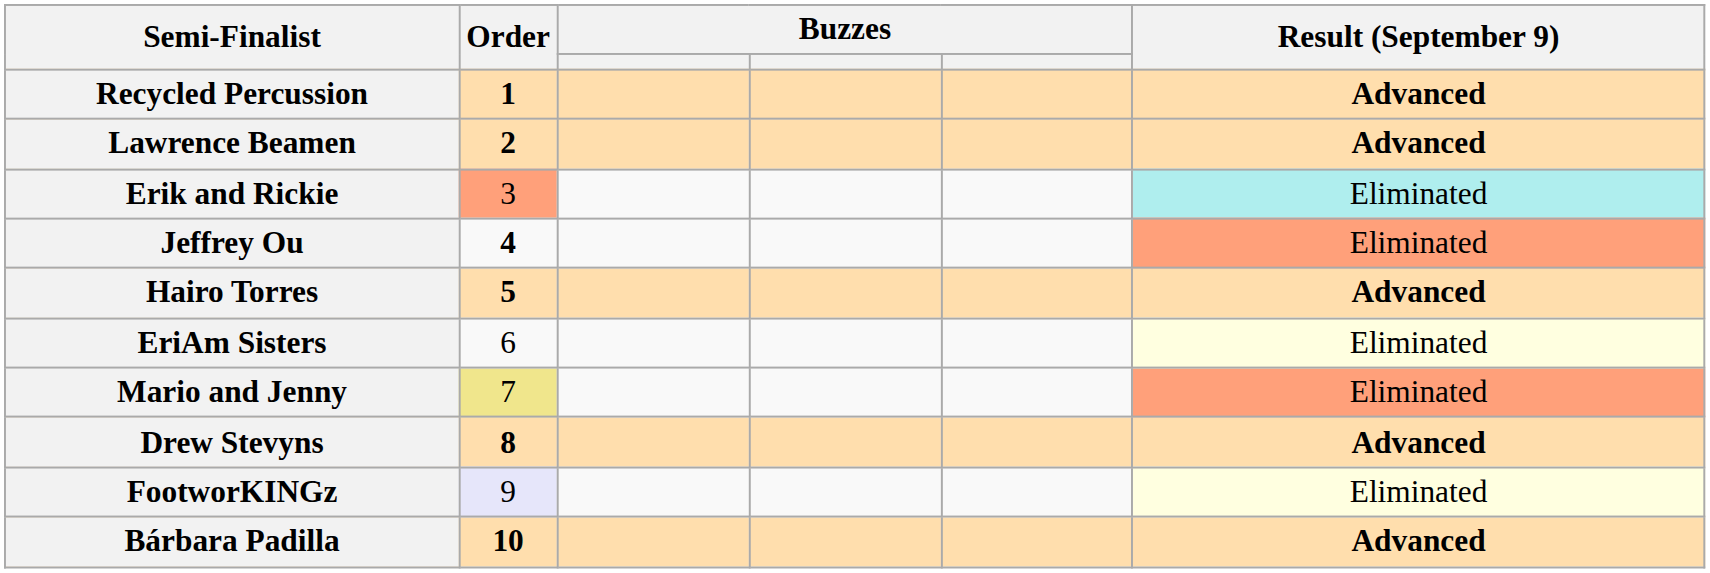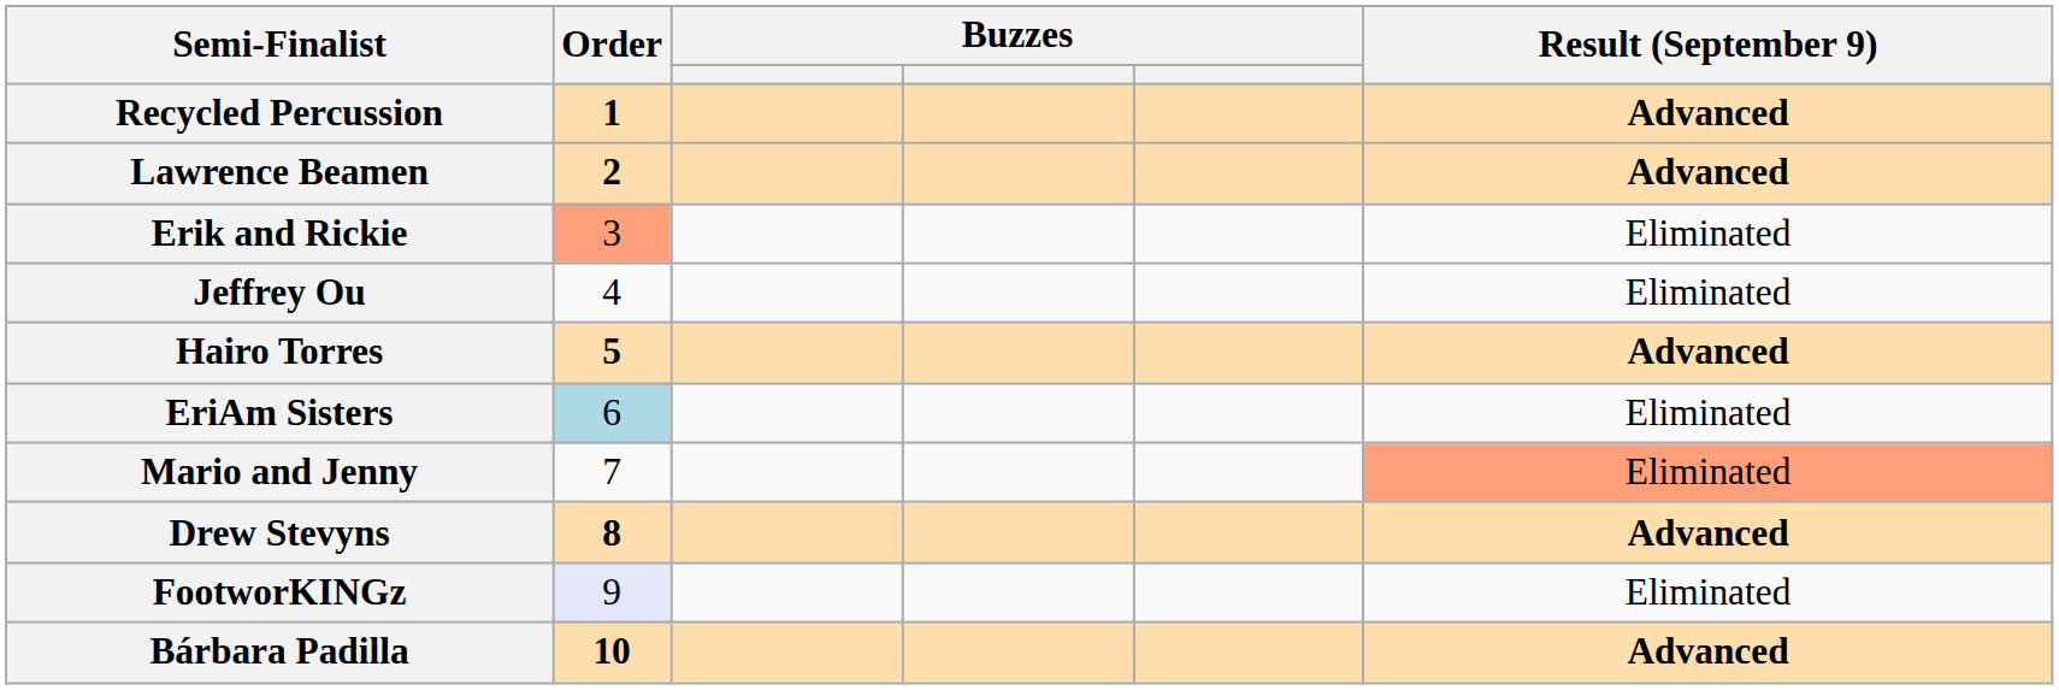 <table class="wikitable plainrowheaders sortable" style="text-align:center;">
 <tr>
 <th scope="col" rowspan="2" class="unsortable" style="width:17em;">Semi-Finalist</th>
 <th scope="col" rowspan="2" style="width:1em;">Order</th>
 <th scope="col" colspan="3" class="unsortable" style="width:24em;">Buzzes</th>
 <th scope="col" rowspan="2" style="width:23em;">Result (September 9)</th>
 </tr>
 <tr>
 <th scope="col" class="unsortable" style="width:6em;"></th>
 <th scope="col" class="unsortable" style="width:6em;"></th>
 <th scope="col" class="unsortable" style="width:6em;"></th>
 </tr>
 <tr style="background:NavajoWhite;">
 <th scope="row"><strong>Recycled Percussion</strong></th>
 <td><strong>1</strong></td>
 <td style="text-align:center;"></td>
 <td style="text-align:center;"></td>
 <td style="text-align:center;"></td>
 <td><strong>Advanced</strong></td>
 </tr>
 <tr style="background:NavajoWhite;">
 <th scope="row"><strong>Lawrence Beamen</strong></th>
 <td><strong>2</strong></td>
 <td style="text-align:center;"></td>
 <td style="text-align:center;"></td>
 <td style="text-align:center;"></td>
 <td><strong>Advanced</strong></td>
 </tr>
 <tr>
 <th scope="row">Erik and Rickie</th>
 <td style="background: lightsalmon;">3</td>
 <td style="text-align:center;"></td>
 <td style="text-align:center;"></td>
 <td style="text-align:center;"></td>
-<td style="background: paleturquoise;">Eliminated</td>
+<td>Eliminated</td>
 </tr>
 <tr>
 <th scope="row">Jeffrey Ou</th>
-<td><strong>4</strong></td>
+<td>4</td>
 <td style="text-align:center;"></td>
 <td style="text-align:center;"></td>
 <td style="text-align:center;"></td>
-<td style="background: lightsalmon;">Eliminated</td>
+<td>Eliminated</td>
 </tr>
 <tr style="background:NavajoWhite;">
 <th scope="row"><strong>Hairo Torres</strong></th>
 <td><strong>5</strong></td>
 <td style="text-align:center;"></td>
 <td style="text-align:center;"></td>
 <td style="text-align:center;"></td>
 <td><strong>Advanced</strong></td>
 </tr>
 <tr>
 <th scope="row">EriAm Sisters</th>
-<td>6</td>
+<td style="background: lightblue;">6</td>
 <td style="text-align:center;"></td>
 <td style="text-align:center;"></td>
 <td style="text-align:center;"></td>
-<td style="background: lightyellow;">Eliminated</td>
+<td>Eliminated</td>
 </tr>
 <tr>
 <th scope="row">Mario and Jenny</th>
-<td style="background: khaki;">7</td>
+<td>7</td>
 <td style="text-align:center;"></td>
 <td style="text-align:center;"></td>
 <td style="text-align:center;"></td>
 <td style="background: lightsalmon;">Eliminated</td>
 </tr>
 <tr style="background:NavajoWhite;">
 <th scope="row"><strong>Drew Stevyns</strong></th>
 <td><strong>8</strong></td>
 <td style="text-align:center;"></td>
 <td style="text-align:center;"></td>
 <td style="text-align:center;"></td>
 <td><strong>Advanced</strong></td>
 </tr>
 <tr>
 <th scope="row">FootworKINGz</th>
 <td style="background: lavender;">9</td>
 <td style="text-align:center;"></td>
 <td style="text-align:center;"></td>
 <td style="text-align:center;"></td>
-<td style="background: lightyellow;">Eliminated</td>
+<td>Eliminated</td>
 </tr>
 <tr style="background:NavajoWhite;">
 <th scope="row"><strong>Bárbara Padilla</strong></th>
 <td><strong>10</strong></td>
 <td style="text-align:center;"></td>
 <td style="text-align:center;"></td>
 <td style="text-align:center;"></td>
 <td><strong>Advanced</strong></td>
 </tr>
 </table>
